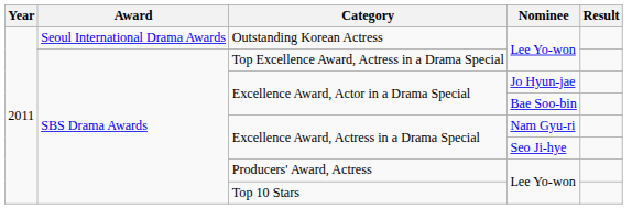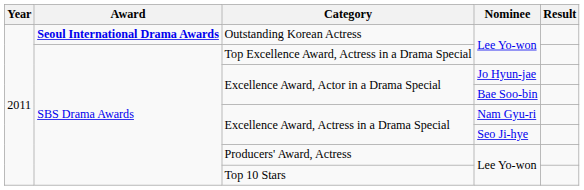 <table class="wikitable" style="font-size: 95%;">
 <tr>
 <th>Year</th>
 <th>Award</th>
 <th>Category</th>
 <th>Nominee</th>
 <th>Result</th>
 </tr>
 <tr>
 <td rowspan=8>2011</td>
-<td><a href='#'>Seoul International Drama Awards</a></td>
+<td><strong><a href='#'>Seoul International Drama Awards</a></strong></td>
 <td>Outstanding Korean Actress</td>
 <td rowspan=2><a href='#'>Lee Yo-won</a></td>
 <td></td>
 </tr>
 <tr>
 <td rowspan=7><a href='#'>SBS Drama Awards</a></td>
 <td>Top Excellence Award, Actress in a Drama Special</td>
 <td></td>
 </tr>
 <tr>
 <td rowspan=2>Excellence Award, Actor in a Drama Special</td>
 <td><a href='#'>Jo Hyun-jae</a></td>
 <td></td>
 </tr>
 <tr>
 <td><a href='#'>Bae Soo-bin</a></td>
 <td></td>
 </tr>
 <tr>
 <td rowspan=2>Excellence Award, Actress in a Drama Special</td>
 <td><a href='#'>Nam Gyu-ri</a></td>
 <td></td>
 </tr>
 <tr>
 <td><a href='#'>Seo Ji-hye</a></td>
 <td></td>
 </tr>
 <tr>
 <td>Producers' Award, Actress</td>
 <td rowspan=2>Lee Yo-won</td>
 <td></td>
 </tr>
 <tr>
 <td>Top 10 Stars</td>
 <td></td>
 </tr>
 </table>
